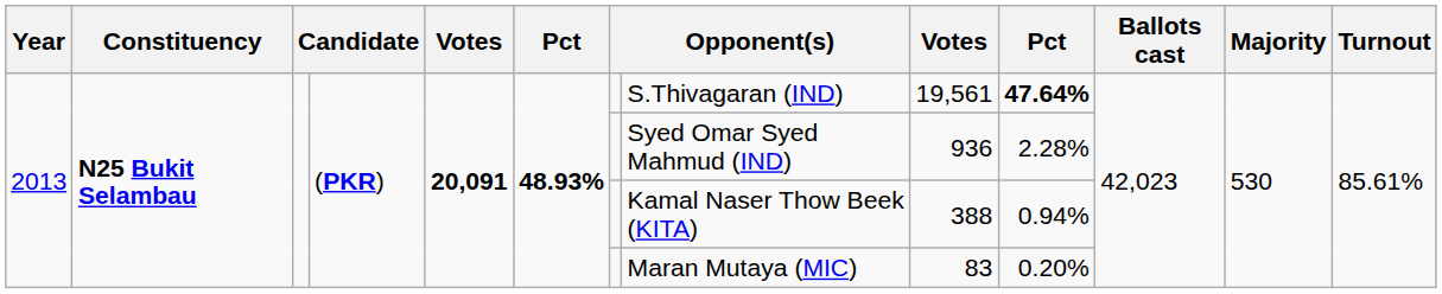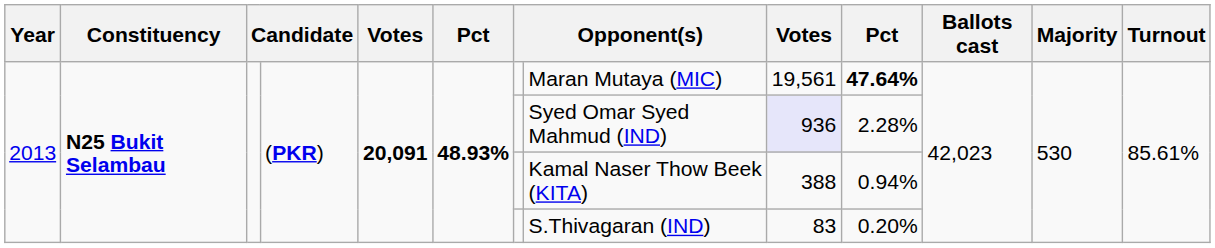 <table class="wikitable" style="margin:0.5em ; font-size:95%">
 <tr>
 <th>Year</th>
 <th>Constituency</th>
 <th colspan=2>Candidate</th>
 <th>Votes</th>
 <th>Pct</th>
 <th colspan=2>Opponent(s)</th>
 <th>Votes</th>
 <th>Pct</th>
 <th>Ballots cast</th>
 <th>Majority</th>
 <th>Turnout</th>
 </tr>
 <tr>
 <td rowspan=4><a href='#'>2013</a></td>
 <td rowspan=4><strong>N25 <a href='#'>Bukit Selambau</a></strong></td>
 <td rowspan=4 ></td>
 <td rowspan=4> (<a href='#'><strong>PKR</strong></a>)</td>
 <td rowspan=4 style="text-align:right;"><strong>20,091</strong></td>
 <td rowspan=4><strong>48.93%</strong></td>
 <td></td>
-<td>S.Thivagaran (<a href='#'>IND</a>)</td>
+<td>Maran Mutaya (<a href='#'>MIC</a>)</td>
 <td style="text-align:right;">19,561</td>
 <td><strong>47.64%</strong></td>
 <td rowspan=4>42,023</td>
 <td rowspan=4>530</td>
 <td rowspan=4>85.61%</td>
 </tr>
 <tr>
 <td></td>
 <td>Syed Omar Syed Mahmud (<a href='#'>IND</a>)</td>
-<td style="text-align:right;">936</td>
+<td style="background: lavender; text-align:right;">936</td>
 <td style="text-align:right;">2.28%</td>
 </tr>
 <tr>
 <td bgcolor=></td>
 <td>Kamal Naser Thow Beek (<a href='#'>KITA</a>)</td>
 <td style="text-align:right;">388</td>
 <td style="text-align:right;">0.94%</td>
 </tr>
 <tr>
 <td></td>
-<td>Maran Mutaya (<a href='#'>MIC</a>)</td>
+<td>S.Thivagaran (<a href='#'>IND</a>)</td>
 <td style="text-align:right;">83</td>
 <td style="text-align:right;">0.20%</td>
 </tr>
 </table>
